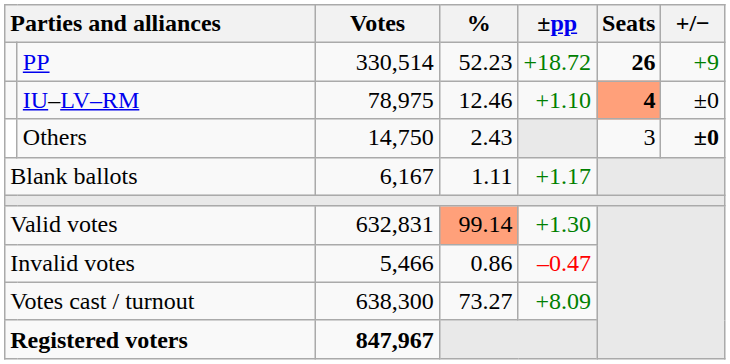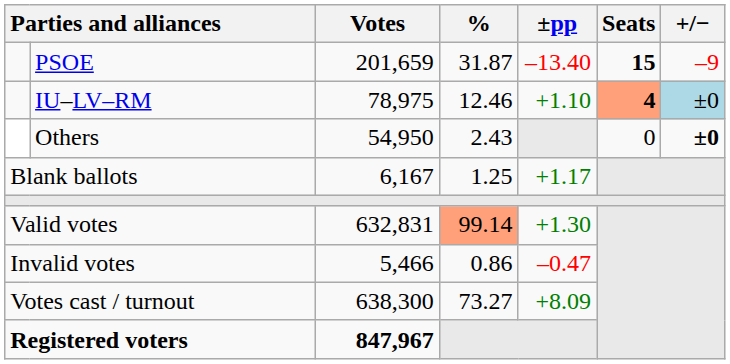 <table class="wikitable" style="text-align:right;">
 <tr>
 <th style="text-align:left;" colspan="2" width="200">Parties and alliances</th>
 <th width="75">Votes</th>
 <th width="45">%</th>
 <th width="45">±<a href='#'>pp</a></th>
 <th width="35">Seats</th>
 <th width="35">+/−</th>
 </tr>
 <tr>
-<td width="1" style="color:inherit;background:"></td>
-<td align="left"><a href='#'>PP</a></td>
-<td>330,514</td>
-<td>52.23</td>
-<td style="color:green;">+18.72</td>
-<td><strong>26</strong></td>
-<td style="color:green;">+9</td>
+<td style="color:inherit;background:"></td>
+<td align="left"><a href='#'>PSOE</a></td>
+<td>201,659</td>
+<td>31.87</td>
+<td style="color:red;">–13.40</td>
+<td><strong>15</strong></td>
+<td style="color:red;">–9</td>
 </tr>
 <tr>
 <td style="color:inherit;background:"></td>
 <td align="left"><a href='#'>IU</a>–<a href='#'>LV–RM</a></td>
 <td>78,975</td>
 <td>12.46</td>
 <td style="color:green;">+1.10</td>
 <td style="background: lightsalmon;"><strong>4</strong></td>
-<td>±0</td>
+<td style="background: lightblue;">±0</td>
 </tr>
 <tr>
 <td bgcolor="white"></td>
 <td align="left">Others</td>
-<td>14,750</td>
+<td>54,950</td>
 <td>2.43</td>
 <td bgcolor="#E9E9E9"></td>
-<td>3</td>
+<td>0</td>
 <td><strong>±0</strong></td>
 </tr>
 <tr>
 <td align="left" colspan="2">Blank ballots</td>
 <td>6,167</td>
-<td>1.11</td>
+<td>1.25</td>
 <td style="color:green;">+1.17</td>
 <td bgcolor="#E9E9E9" colspan="2"></td>
 </tr>
 <tr>
 <td colspan="7" bgcolor="#E9E9E9"></td>
 </tr>
 <tr>
 <td align="left" colspan="2">Valid votes</td>
 <td>632,831</td>
 <td style="background: lightsalmon;">99.14</td>
 <td style="color:green;">+1.30</td>
 <td bgcolor="#E9E9E9" colspan="2" rowspan="4"></td>
 </tr>
 <tr>
 <td align="left" colspan="2">Invalid votes</td>
 <td>5,466</td>
 <td>0.86</td>
 <td style="color:red;">–0.47</td>
 </tr>
 <tr>
 <td align="left" colspan="2">Votes cast / turnout</td>
 <td>638,300</td>
 <td>73.27</td>
 <td style="color:green;">+8.09</td>
 </tr>
 <tr style="font-weight:bold;">
 <td align="left" colspan="2">Registered voters</td>
 <td>847,967</td>
 <td bgcolor="#E9E9E9" colspan="2"></td>
 </tr>
 </table>
